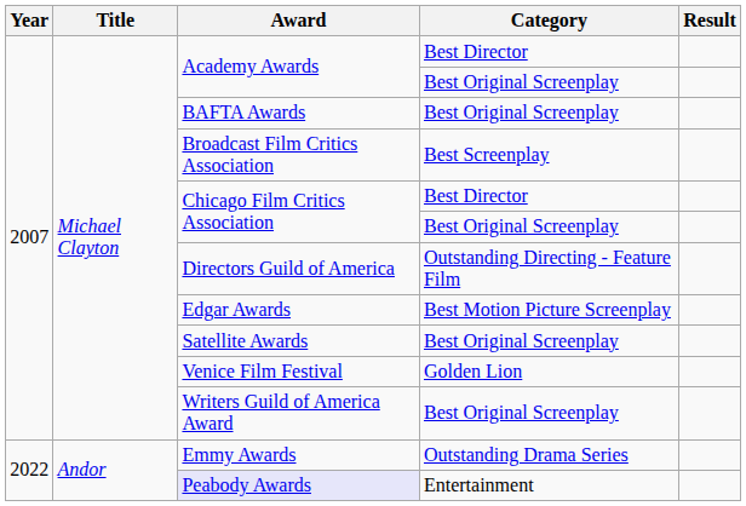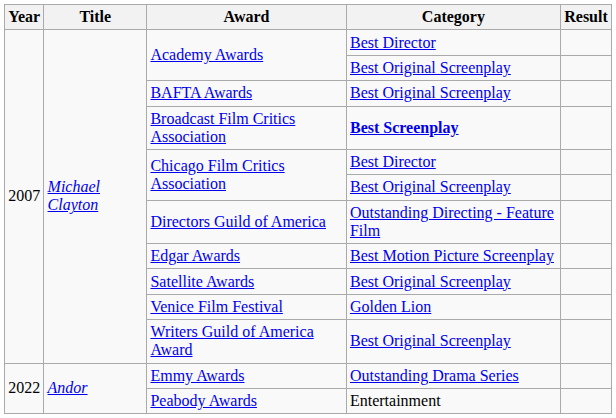 <table class="wikitable">
 <tr>
 <th>Year</th>
 <th>Title</th>
 <th>Award</th>
 <th>Category</th>
 <th>Result</th>
 </tr>
 <tr>
 <td rowspan=11>2007</td>
 <td rowspan=11><em><a href='#'>Michael Clayton</a></em></td>
 <td rowspan=2><a href='#'>Academy Awards</a></td>
 <td><a href='#'>Best Director</a></td>
 <td></td>
 </tr>
 <tr>
 <td><a href='#'>Best Original Screenplay</a></td>
 <td></td>
 </tr>
 <tr>
 <td><a href='#'>BAFTA Awards</a></td>
 <td><a href='#'>Best Original Screenplay</a></td>
 <td></td>
 </tr>
 <tr>
 <td><a href='#'>Broadcast Film Critics Association</a></td>
-<td><a href='#'>Best Screenplay</a></td>
+<td><strong><a href='#'>Best Screenplay</a></strong></td>
 <td></td>
 </tr>
 <tr>
 <td rowspan=2><a href='#'>Chicago Film Critics Association</a></td>
 <td><a href='#'>Best Director</a></td>
 <td></td>
 </tr>
 <tr>
 <td><a href='#'>Best Original Screenplay</a></td>
 <td></td>
 </tr>
 <tr>
 <td><a href='#'>Directors Guild of America</a></td>
 <td><a href='#'>Outstanding Directing - Feature Film</a></td>
 <td></td>
 </tr>
 <tr>
 <td><a href='#'>Edgar Awards</a></td>
 <td><a href='#'>Best Motion Picture Screenplay</a></td>
 <td></td>
 </tr>
 <tr>
 <td><a href='#'>Satellite Awards</a></td>
 <td><a href='#'>Best Original Screenplay</a></td>
 <td></td>
 </tr>
 <tr>
 <td><a href='#'>Venice Film Festival</a></td>
 <td><a href='#'>Golden Lion</a></td>
 <td></td>
 </tr>
 <tr>
 <td><a href='#'>Writers Guild of America Award</a></td>
 <td><a href='#'>Best Original Screenplay</a></td>
 <td></td>
 </tr>
 <tr>
 <td rowspan=2>2022</td>
 <td rowspan=2><em><a href='#'>Andor</a></em></td>
 <td><a href='#'>Emmy Awards</a></td>
 <td><a href='#'>Outstanding Drama Series</a></td>
 <td></td>
 </tr>
 <tr>
-<td style="background: lavender;"><a href='#'>Peabody Awards</a></td>
+<td><a href='#'>Peabody Awards</a></td>
 <td>Entertainment</td>
 <td></td>
 </tr>
 </table>
